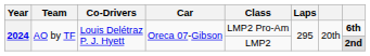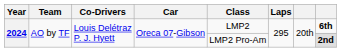 <table class="wikitable" style="text-align:center; font-size:90%">
 <tr>
 <th>Year</th>
 <th>Team</th>
 <th>Co-Drivers</th>
 <th>Car</th>
 <th>Class</th>
 <th>Laps</th>
 <th></th>
 <th></th>
 </tr>
 <tr>
 <th rowspan="2"><a href='#'>2024</a></th>
 <td rowspan="2" align="left"nowrap> <a href='#'>AO</a> by <a href='#'>TF</a></td>
 <td rowspan="2" align="left"nowrap> <a href='#'>Louis Delétraz</a><br> <a href='#'>P. J. Hyett</a></td>
 <td rowspan="2" align="left"nowrap><a href='#'>Oreca 07</a>-<a href='#'>Gibson</a></td>
-<td nowrap>LMP2 Pro-Am</td>
+<td>LMP2</td>
 <td rowspan="2">295</td>
 <td rowspan="2">20th</td>
 <td><strong>6th</strong></td>
 </tr>
 <tr>
-<td>LMP2</td>
+<td nowrap>LMP2 Pro-Am</td>
 <td style="background:#DFDFDF;"><strong>2nd</strong></td>
 </tr>
 </table>
